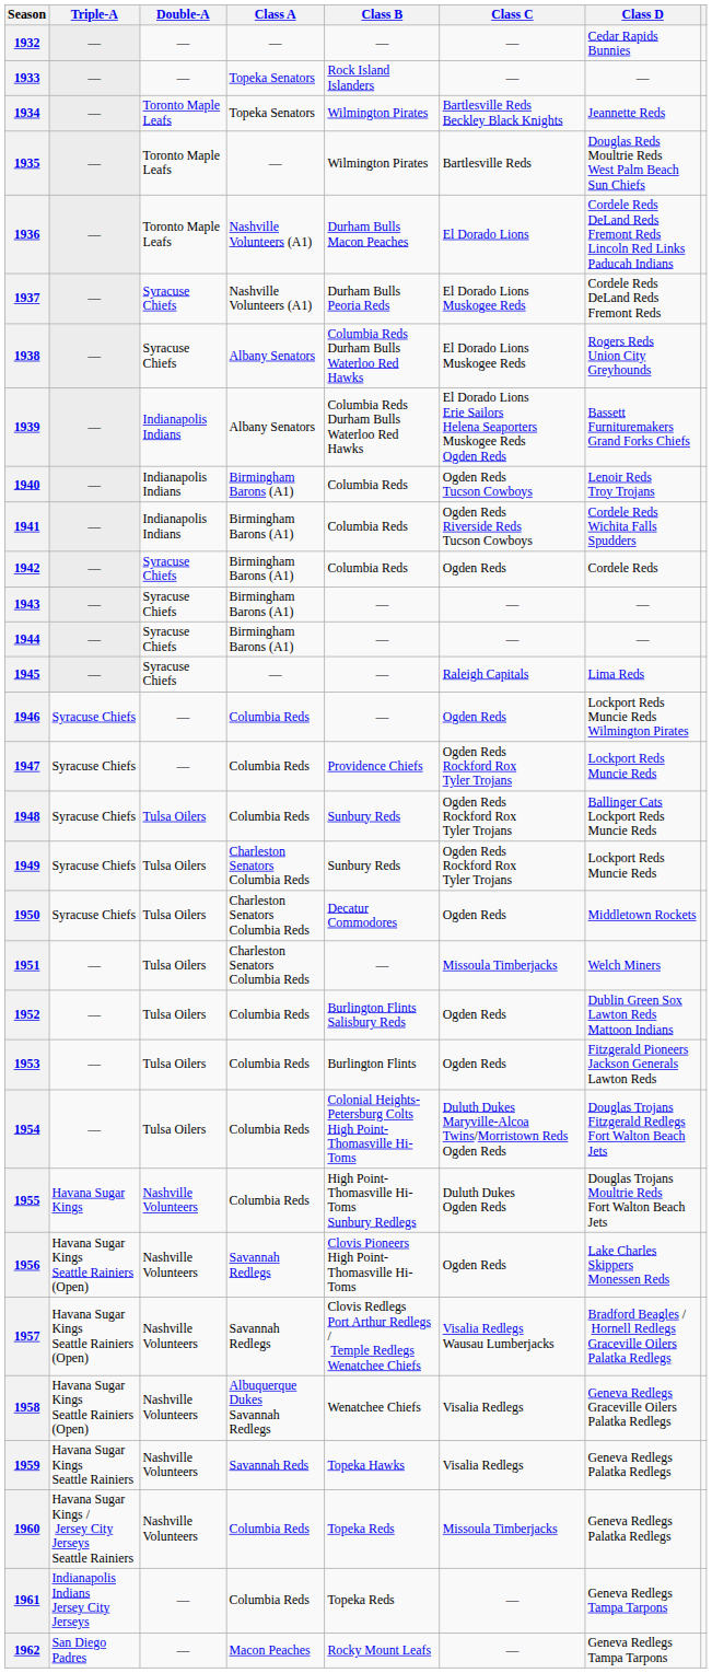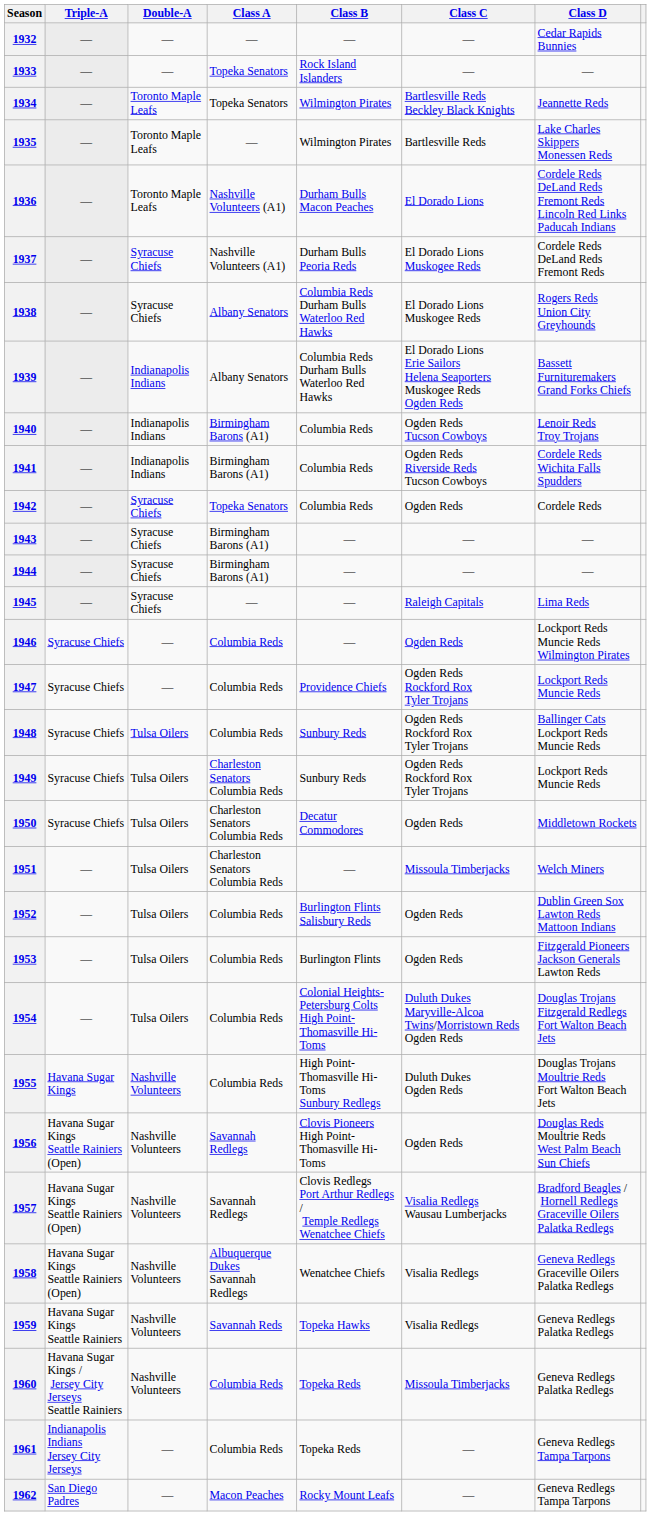 <table class="wikitable plainrowheaders">
 <tr>
 <th scope="col">Season</th>
 <th scope="col"><a href='#'><span>Triple-A</span></a></th>
 <th scope="col"><a href='#'><span>Double-A</span></a></th>
 <th scope="col"><a href='#'><span>Class A</span></a></th>
 <th scope="col"><a href='#'><span>Class B</span></a></th>
 <th scope="col"><a href='#'><span>Class C</span></a></th>
 <th scope="col"><a href='#'><span>Class D</span></a></th>
 <th scope="col"></th>
 </tr>
 <tr>
 <th scope="row" style="text-align:center"><a href='#'>1932</a></th>
 <td style="background:#ececec" align="center">—</td>
 <td align="center">—</td>
 <td align="center">—</td>
 <td align="center">—</td>
 <td align="center">—</td>
 <td><a href='#'>Cedar Rapids Bunnies</a></td>
 <td align="center"></td>
 </tr>
 <tr>
 <th scope="row" style="text-align:center"><a href='#'>1933</a></th>
 <td style="background:#ececec" align="center">—</td>
 <td align="center">—</td>
 <td><a href='#'>Topeka Senators</a></td>
 <td><a href='#'>Rock Island Islanders</a></td>
 <td align="center">—</td>
 <td align="center">—</td>
 <td align="center"></td>
 </tr>
 <tr>
 <th scope="row" style="text-align:center"><a href='#'>1934</a></th>
 <td style="background:#ececec" align="center">—</td>
 <td><a href='#'>Toronto Maple Leafs</a></td>
 <td>Topeka Senators</td>
 <td><a href='#'>Wilmington Pirates</a></td>
 <td><a href='#'>Bartlesville Reds</a><br><a href='#'>Beckley Black Knights</a></td>
 <td><a href='#'>Jeannette Reds</a></td>
 <td align="center"></td>
 </tr>
 <tr>
 <th scope="row" style="text-align:center"><a href='#'>1935</a></th>
 <td style="background:#ececec" align="center">—</td>
 <td>Toronto Maple Leafs</td>
 <td align="center">—</td>
 <td>Wilmington Pirates</td>
 <td>Bartlesville Reds</td>
-<td><a href='#'>Douglas Reds</a><br>Moultrie Reds<br><a href='#'>West Palm Beach Sun Chiefs</a></td>
+<td><a href='#'>Lake Charles Skippers</a><br><a href='#'>Monessen Reds</a></td>
 <td align="center"></td>
 </tr>
 <tr>
 <th scope="row" style="text-align:center"><a href='#'>1936</a></th>
 <td style="background:#ececec" align="center">—</td>
 <td>Toronto Maple Leafs</td>
 <td><a href='#'>Nashville Volunteers</a> (A1)</td>
 <td><a href='#'>Durham Bulls</a><br><a href='#'>Macon Peaches</a></td>
 <td><a href='#'>El Dorado Lions</a></td>
 <td><a href='#'>Cordele Reds</a><br><a href='#'>DeLand Reds</a><br><a href='#'>Fremont Reds</a><br><a href='#'>Lincoln Red Links</a><br><a href='#'>Paducah Indians</a></td>
 <td align="center"></td>
 </tr>
 <tr>
 <th scope="row" style="text-align:center"><a href='#'>1937</a></th>
 <td style="background:#ececec" align="center">—</td>
 <td><a href='#'>Syracuse Chiefs</a></td>
 <td>Nashville Volunteers (A1)</td>
 <td>Durham Bulls<br><a href='#'>Peoria Reds</a></td>
 <td>El Dorado Lions<br><a href='#'>Muskogee Reds</a></td>
 <td>Cordele Reds<br>DeLand Reds<br>Fremont Reds</td>
 <td align="center"></td>
 </tr>
 <tr>
 <th scope="row" style="text-align:center"><a href='#'>1938</a></th>
 <td style="background:#ececec" align="center">—</td>
 <td>Syracuse Chiefs</td>
 <td><a href='#'>Albany Senators</a></td>
 <td><a href='#'>Columbia Reds</a><br>Durham Bulls<br><a href='#'>Waterloo Red Hawks</a></td>
 <td>El Dorado Lions<br>Muskogee Reds</td>
 <td><a href='#'>Rogers Reds</a><br><a href='#'>Union City Greyhounds</a></td>
 <td align="center"></td>
 </tr>
 <tr>
 <th scope="row" style="text-align:center"><a href='#'>1939</a></th>
 <td style="background:#ececec" align="center">—</td>
 <td><a href='#'>Indianapolis Indians</a></td>
 <td>Albany Senators</td>
 <td>Columbia Reds<br>Durham Bulls<br>Waterloo Red Hawks</td>
 <td>El Dorado Lions<br><a href='#'>Erie Sailors</a><br><a href='#'>Helena Seaporters</a><br>Muskogee Reds<br><a href='#'>Ogden Reds</a></td>
 <td><a href='#'>Bassett Furnituremakers</a><br><a href='#'>Grand Forks Chiefs</a></td>
 <td align="center"></td>
 </tr>
 <tr>
 <th scope="row" style="text-align:center"><a href='#'>1940</a></th>
 <td style="background:#ececec" align="center">—</td>
 <td>Indianapolis Indians</td>
 <td><a href='#'>Birmingham Barons</a> (A1)</td>
 <td>Columbia Reds</td>
 <td>Ogden Reds<br><a href='#'>Tucson Cowboys</a></td>
 <td><a href='#'>Lenoir Reds</a><br><a href='#'>Troy Trojans</a></td>
 <td align="center"></td>
 </tr>
 <tr>
 <th scope="row" style="text-align:center"><a href='#'>1941</a></th>
 <td style="background:#ececec" align="center">—</td>
 <td>Indianapolis Indians</td>
 <td>Birmingham Barons (A1)</td>
 <td>Columbia Reds</td>
 <td>Ogden Reds<br><a href='#'>Riverside Reds</a><br>Tucson Cowboys</td>
 <td><a href='#'>Cordele Reds</a><br><a href='#'>Wichita Falls Spudders</a></td>
 <td align="center"></td>
 </tr>
 <tr>
 <th scope="row" style="text-align:center"><a href='#'>1942</a></th>
 <td style="background:#ececec" align="center">—</td>
 <td><a href='#'>Syracuse Chiefs</a></td>
-<td>Birmingham Barons (A1)</td>
+<td><a href='#'>Topeka Senators</a></td>
 <td>Columbia Reds</td>
 <td>Ogden Reds</td>
 <td>Cordele Reds</td>
 <td align="center"></td>
 </tr>
 <tr>
 <th scope="row" style="text-align:center"><a href='#'>1943</a></th>
 <td style="background:#ececec" align="center">—</td>
 <td>Syracuse Chiefs</td>
 <td>Birmingham Barons (A1)</td>
 <td align="center">—</td>
 <td align="center">—</td>
 <td align="center">—</td>
 <td align="center"></td>
 </tr>
 <tr>
 <th scope="row" style="text-align:center"><a href='#'>1944</a></th>
 <td style="background:#ececec" align="center">—</td>
 <td>Syracuse Chiefs</td>
 <td>Birmingham Barons (A1)</td>
 <td align="center">—</td>
 <td align="center">—</td>
 <td align="center">—</td>
 <td align="center"></td>
 </tr>
 <tr>
 <th scope="row" style="text-align:center"><a href='#'>1945</a></th>
 <td style="background:#ececec" align="center">—</td>
 <td>Syracuse Chiefs</td>
 <td align="center">—</td>
 <td align="center">—</td>
 <td><a href='#'>Raleigh Capitals</a></td>
 <td><a href='#'>Lima Reds</a></td>
 <td align="center"></td>
 </tr>
 <tr>
 <th scope="row" style="text-align:center"><a href='#'>1946</a></th>
 <td><a href='#'>Syracuse Chiefs</a></td>
 <td align="center">—</td>
 <td><a href='#'>Columbia Reds</a></td>
 <td align="center">—</td>
 <td><a href='#'>Ogden Reds</a></td>
 <td>Lockport Reds<br>Muncie Reds<br><a href='#'>Wilmington Pirates</a></td>
 <td align="center"></td>
 </tr>
 <tr>
 <th scope="row" style="text-align:center"><a href='#'>1947</a></th>
 <td>Syracuse Chiefs</td>
 <td align="center">—</td>
 <td>Columbia Reds</td>
 <td><a href='#'>Providence Chiefs</a></td>
 <td>Ogden Reds<br><a href='#'>Rockford Rox</a><br><a href='#'>Tyler Trojans</a></td>
 <td><a href='#'>Lockport Reds</a><br><a href='#'>Muncie Reds</a></td>
 <td align="center"></td>
 </tr>
 <tr>
 <th scope="row" style="text-align:center"><a href='#'>1948</a></th>
 <td>Syracuse Chiefs</td>
 <td><a href='#'>Tulsa Oilers</a></td>
 <td>Columbia Reds</td>
 <td><a href='#'>Sunbury Reds</a></td>
 <td>Ogden Reds<br>Rockford Rox<br>Tyler Trojans</td>
 <td><a href='#'>Ballinger Cats</a><br>Lockport Reds<br>Muncie Reds</td>
 <td align="center"></td>
 </tr>
 <tr>
 <th scope="row" style="text-align:center"><a href='#'>1949</a></th>
 <td>Syracuse Chiefs</td>
 <td>Tulsa Oilers</td>
 <td><a href='#'>Charleston Senators</a><br>Columbia Reds</td>
 <td>Sunbury Reds</td>
 <td>Ogden Reds<br>Rockford Rox<br>Tyler Trojans</td>
 <td>Lockport Reds<br>Muncie Reds</td>
 <td align="center"></td>
 </tr>
 <tr>
 <th scope="row" style="text-align:center"><a href='#'>1950</a></th>
 <td>Syracuse Chiefs</td>
 <td>Tulsa Oilers</td>
 <td>Charleston Senators<br>Columbia Reds</td>
 <td><a href='#'>Decatur Commodores</a></td>
 <td>Ogden Reds</td>
 <td><a href='#'>Middletown Rockets</a></td>
 <td align="center"></td>
 </tr>
 <tr>
 <th scope="row" style="text-align:center"><a href='#'>1951</a></th>
 <td align="center">—</td>
 <td>Tulsa Oilers</td>
 <td>Charleston Senators<br>Columbia Reds</td>
 <td align="center">—</td>
 <td><a href='#'>Missoula Timberjacks</a></td>
 <td><a href='#'>Welch Miners</a></td>
 <td align="center"></td>
 </tr>
 <tr>
 <th scope="row" style="text-align:center"><a href='#'>1952</a></th>
 <td align="center">—</td>
 <td>Tulsa Oilers</td>
 <td>Columbia Reds</td>
 <td><a href='#'>Burlington Flints</a><br><a href='#'>Salisbury Reds</a></td>
 <td>Ogden Reds</td>
 <td><a href='#'>Dublin Green Sox</a><br><a href='#'>Lawton Reds</a><br><a href='#'>Mattoon Indians</a></td>
 <td align="center"></td>
 </tr>
 <tr>
 <th scope="row" style="text-align:center"><a href='#'>1953</a></th>
 <td align="center">—</td>
 <td>Tulsa Oilers</td>
 <td>Columbia Reds</td>
 <td>Burlington Flints</td>
 <td>Ogden Reds</td>
 <td><a href='#'>Fitzgerald Pioneers</a><br><a href='#'>Jackson Generals</a><br>Lawton Reds</td>
 <td align="center"></td>
 </tr>
 <tr>
 <th scope="row" style="text-align:center"><a href='#'>1954</a></th>
 <td align="center">—</td>
 <td>Tulsa Oilers</td>
 <td>Columbia Reds</td>
 <td><a href='#'>Colonial Heights-Petersburg Colts</a><br><a href='#'>High Point-Thomasville Hi-Toms</a></td>
 <td><a href='#'>Duluth Dukes</a><br><a href='#'>Maryville-Alcoa Twins</a>/<a href='#'>Morristown Reds</a><br>Ogden Reds</td>
 <td><a href='#'>Douglas Trojans</a><br><a href='#'>Fitzgerald Redlegs</a><br><a href='#'>Fort Walton Beach Jets</a></td>
 <td align="center"></td>
 </tr>
 <tr>
 <th scope="row" style="text-align:center"><a href='#'>1955</a></th>
 <td><a href='#'>Havana Sugar Kings</a></td>
 <td><a href='#'>Nashville Volunteers</a></td>
 <td>Columbia Reds</td>
 <td>High Point-Thomasville Hi-Toms<br><a href='#'>Sunbury Redlegs</a></td>
 <td>Duluth Dukes<br>Ogden Reds</td>
 <td>Douglas Trojans<br><a href='#'>Moultrie Reds</a><br>Fort Walton Beach Jets</td>
 <td align="center"></td>
 </tr>
 <tr>
 <th scope="row" style="text-align:center"><a href='#'>1956</a></th>
 <td>Havana Sugar Kings<br><a href='#'>Seattle Rainiers</a> (Open)</td>
 <td>Nashville Volunteers</td>
 <td><a href='#'>Savannah Redlegs</a></td>
 <td><a href='#'>Clovis Pioneers</a><br>High Point-Thomasville Hi-Toms</td>
 <td>Ogden Reds</td>
-<td><a href='#'>Lake Charles Skippers</a><br><a href='#'>Monessen Reds</a></td>
+<td><a href='#'>Douglas Reds</a><br>Moultrie Reds<br><a href='#'>West Palm Beach Sun Chiefs</a></td>
 <td align="center"></td>
 </tr>
 <tr>
 <th scope="row" style="text-align:center"><a href='#'>1957</a></th>
 <td>Havana Sugar Kings<br>Seattle Rainiers (Open)</td>
 <td>Nashville Volunteers</td>
 <td>Savannah Redlegs</td>
 <td>Clovis Redlegs<br><a href='#'>Port Arthur Redlegs</a> /<br> <a href='#'>Temple Redlegs</a><br><a href='#'>Wenatchee Chiefs</a></td>
 <td><a href='#'>Visalia Redlegs</a><br>Wausau Lumberjacks</td>
 <td><a href='#'>Bradford Beagles</a> /<br> <a href='#'>Hornell Redlegs</a><br><a href='#'>Graceville Oilers</a><br><a href='#'>Palatka Redlegs</a></td>
 <td align="center"></td>
 </tr>
 <tr>
 <th scope="row" style="text-align:center"><a href='#'>1958</a></th>
 <td>Havana Sugar Kings<br>Seattle Rainiers (Open)</td>
 <td>Nashville Volunteers</td>
 <td><a href='#'>Albuquerque Dukes</a><br>Savannah Redlegs</td>
 <td>Wenatchee Chiefs</td>
 <td>Visalia Redlegs</td>
 <td><a href='#'>Geneva Redlegs</a><br>Graceville Oilers<br>Palatka Redlegs</td>
 <td align="center"></td>
 </tr>
 <tr>
 <th scope="row" style="text-align:center"><a href='#'>1959</a></th>
 <td>Havana Sugar Kings<br>Seattle Rainiers</td>
 <td>Nashville Volunteers</td>
 <td><a href='#'>Savannah Reds</a></td>
 <td><a href='#'>Topeka Hawks</a></td>
 <td>Visalia Redlegs</td>
 <td>Geneva Redlegs<br>Palatka Redlegs</td>
 <td align="center"></td>
 </tr>
 <tr>
 <th scope="row" style="text-align:center"><a href='#'>1960</a></th>
 <td>Havana Sugar Kings /<br> <a href='#'>Jersey City Jerseys</a><br>Seattle Rainiers</td>
 <td>Nashville Volunteers</td>
 <td><a href='#'>Columbia Reds</a></td>
 <td><a href='#'>Topeka Reds</a></td>
 <td><a href='#'>Missoula Timberjacks</a></td>
 <td>Geneva Redlegs<br>Palatka Redlegs</td>
 <td align="center"></td>
 </tr>
 <tr>
 <th scope="row" style="text-align:center"><a href='#'>1961</a></th>
 <td><a href='#'>Indianapolis Indians</a><br><a href='#'>Jersey City Jerseys</a></td>
 <td align="center">—</td>
 <td>Columbia Reds</td>
 <td>Topeka Reds</td>
 <td align="center">—</td>
 <td>Geneva Redlegs<br><a href='#'>Tampa Tarpons</a></td>
 <td align="center"></td>
 </tr>
 <tr>
 <th scope="row" style="text-align:center"><a href='#'>1962</a></th>
 <td><a href='#'>San Diego Padres</a></td>
 <td align="center">—</td>
 <td><a href='#'>Macon Peaches</a></td>
 <td><a href='#'>Rocky Mount Leafs</a></td>
 <td align="center">—</td>
 <td>Geneva Redlegs<br>Tampa Tarpons</td>
 <td align="center"></td>
 </tr>
 </table>
